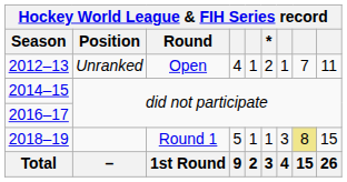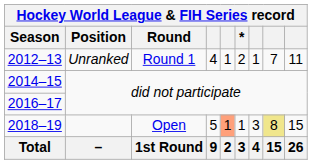 <table class="wikitable" style="text-align: center;">
 <tr>
 <th colspan=9><a href='#'>Hockey World League</a> & <a href='#'>FIH Series</a> record</th>
 </tr>
 <tr>
 <th>Season</th>
 <th>Position</th>
 <th>Round</th>
 <th></th>
 <th></th>
 <th> *</th>
 <th></th>
 <th></th>
 <th></th>
 </tr>
 <tr>
 <td><a href='#'>2012–13</a></td>
 <td><em>Unranked</em></td>
-<td><a href='#'>Open</a></td>
+<td><a href='#'>Round 1</a></td>
 <td>4</td>
 <td>1</td>
 <td>2</td>
 <td>1</td>
 <td>7</td>
 <td>11</td>
 </tr>
 <tr>
 <td><a href='#'>2014–15</a></td>
 <td colspan=8 rowspan=2><em>did not participate</em></td>
 </tr>
 <tr>
 <td><a href='#'>2016–17</a></td>
 </tr>
 <tr>
 <td><a href='#'>2018–19</a></td>
 <td></td>
-<td><a href='#'>Round 1</a></td>
+<td><a href='#'>Open</a></td>
 <td>5</td>
-<td>1</td>
+<td style="background: lightsalmon;">1</td>
 <td>1</td>
 <td>3</td>
 <td style="background: khaki;">8</td>
 <td>15</td>
 </tr>
 <tr>
 <th>Total</th>
 <th>–</th>
 <th>1st Round</th>
 <th>9</th>
 <th>2</th>
 <th>3</th>
 <th>4</th>
 <th>15</th>
 <th>26</th>
 </tr>
 </table>
